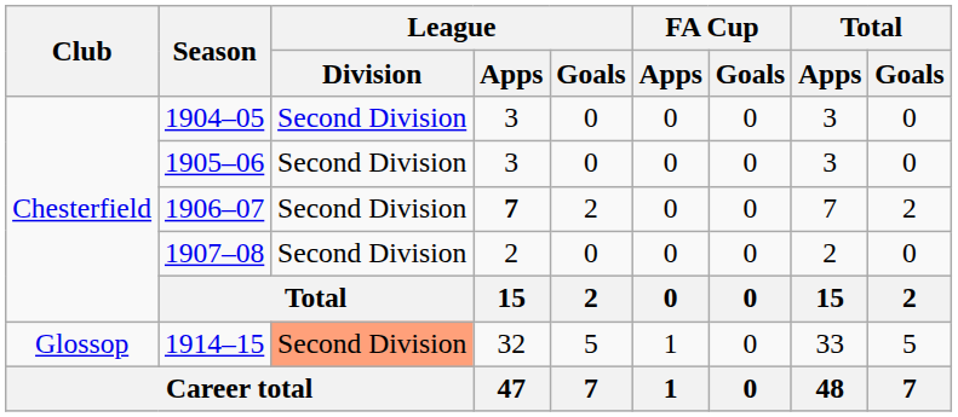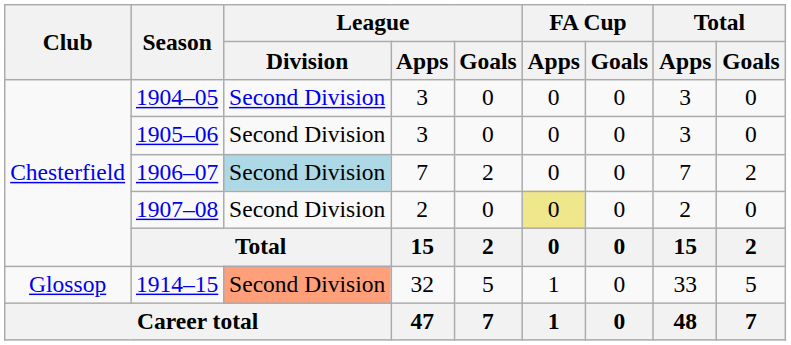 <table class="wikitable" style="text-align: center">
 <tr>
 <th rowspan="2">Club</th>
 <th rowspan="2">Season</th>
 <th colspan="3">League</th>
 <th colspan="2">FA Cup</th>
 <th colspan="2">Total</th>
 </tr>
 <tr>
 <th>Division</th>
 <th>Apps</th>
 <th>Goals</th>
 <th>Apps</th>
 <th>Goals</th>
 <th>Apps</th>
 <th>Goals</th>
 </tr>
 <tr>
 <td rowspan="5"><a href='#'>Chesterfield</a></td>
 <td><a href='#'>1904–05</a></td>
 <td><a href='#'>Second Division</a></td>
 <td>3</td>
 <td>0</td>
 <td>0</td>
 <td>0</td>
 <td>3</td>
 <td>0</td>
 </tr>
 <tr>
 <td><a href='#'>1905–06</a></td>
 <td>Second Division</td>
 <td>3</td>
 <td>0</td>
 <td>0</td>
 <td>0</td>
 <td>3</td>
 <td>0</td>
 </tr>
 <tr>
 <td><a href='#'>1906–07</a></td>
-<td>Second Division</td>
-<td><strong>7</strong></td>
+<td style="background: lightblue;">Second Division</td>
+<td>7</td>
 <td>2</td>
 <td>0</td>
 <td>0</td>
 <td>7</td>
 <td>2</td>
 </tr>
 <tr>
 <td><a href='#'>1907–08</a></td>
 <td>Second Division</td>
 <td>2</td>
 <td>0</td>
-<td>0</td>
+<td style="background: khaki;">0</td>
 <td>0</td>
 <td>2</td>
 <td>0</td>
 </tr>
 <tr>
 <th colspan="2">Total</th>
 <th>15</th>
 <th>2</th>
 <th>0</th>
 <th>0</th>
 <th>15</th>
 <th>2</th>
 </tr>
 <tr>
 <td><a href='#'>Glossop</a></td>
 <td><a href='#'>1914–15</a></td>
 <td style="background: lightsalmon;">Second Division</td>
 <td>32</td>
 <td>5</td>
 <td>1</td>
 <td>0</td>
 <td>33</td>
 <td>5</td>
 </tr>
 <tr>
 <th colspan="3">Career total</th>
 <th>47</th>
 <th>7</th>
 <th>1</th>
 <th>0</th>
 <th>48</th>
 <th>7</th>
 </tr>
 </table>
